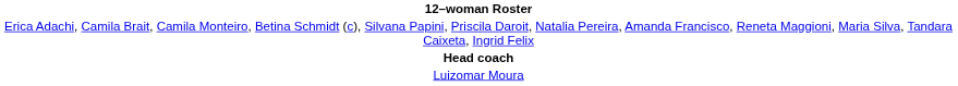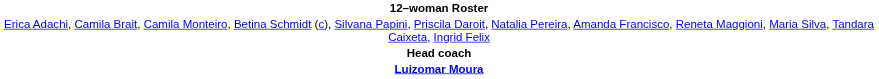 <table style="text-align: center; margin-top: 2em; margin-left: auto; margin-right: auto">
 <tr>
 <td><strong>12–woman Roster</strong></td>
 </tr>
 <tr>
 <td><a href='#'>Erica Adachi</a>, <a href='#'>Camila Brait</a>, <a href='#'>Camila Monteiro</a>, <a href='#'>Betina Schmidt</a> (<a href='#'>c</a>), <a href='#'>Silvana Papini</a>, <a href='#'>Priscila Daroit</a>, <a href='#'>Natalia Pereira</a>, <a href='#'>Amanda Francisco</a>, <a href='#'>Reneta Maggioni</a>, <a href='#'>Maria Silva</a>, <a href='#'>Tandara Caixeta</a>, <a href='#'>Ingrid Felix</a></td>
 </tr>
 <tr>
 <td><strong>Head coach</strong></td>
 </tr>
 <tr>
-<td><a href='#'>Luizomar Moura</a></td>
+<td><strong><a href='#'>Luizomar Moura</a></strong></td>
 </tr>
 </table>
